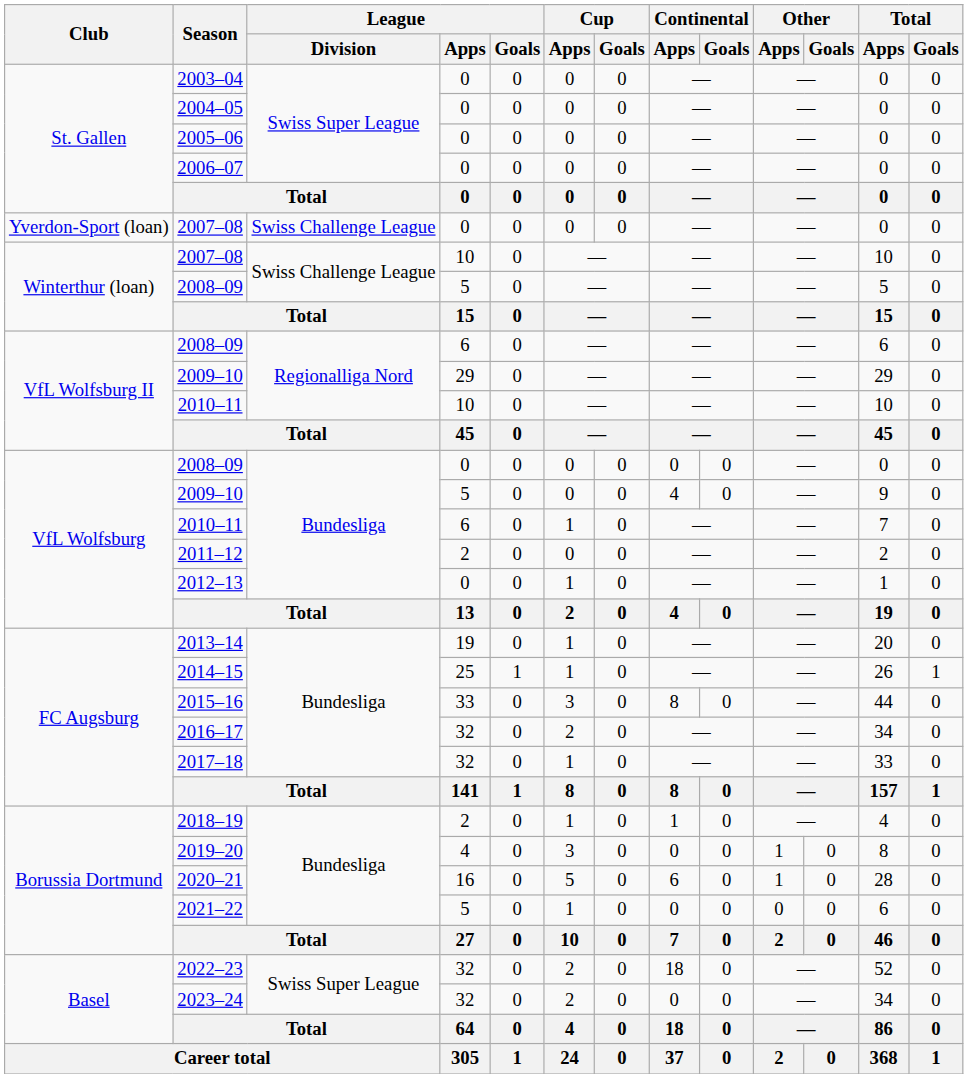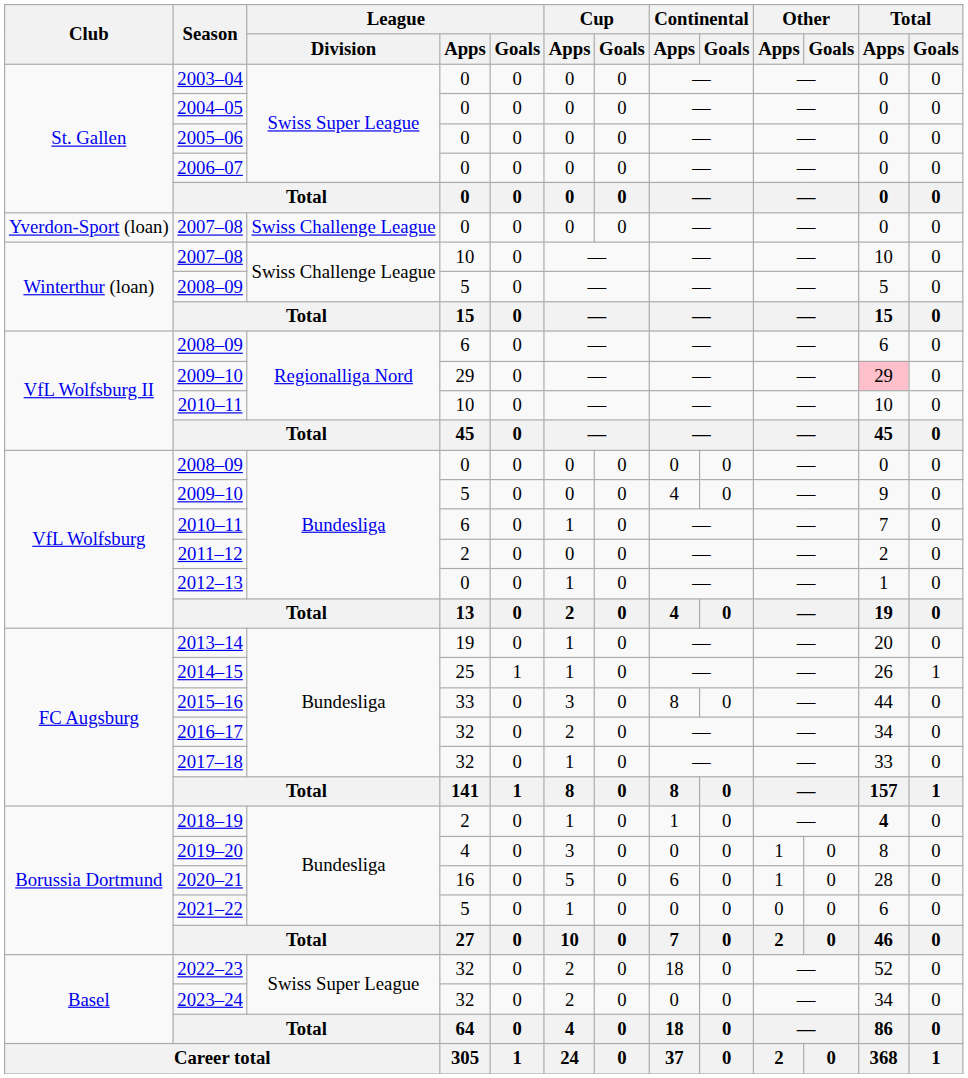 <table class="wikitable" style="text-align:center">
 <tr>
 <th rowspan="2">Club</th>
 <th rowspan="2">Season</th>
 <th colspan="3">League</th>
 <th colspan="2">Cup</th>
 <th colspan="2">Continental</th>
 <th colspan="2">Other</th>
 <th colspan="3">Total</th>
 </tr>
 <tr>
 <th>Division</th>
 <th>Apps</th>
 <th>Goals</th>
 <th>Apps</th>
 <th>Goals</th>
 <th>Apps</th>
 <th>Goals</th>
 <th>Apps</th>
 <th>Goals</th>
 <th>Apps</th>
 <th>Goals</th>
 </tr>
 <tr>
 <td rowspan="5"><a href='#'>St. Gallen</a></td>
 <td><a href='#'>2003–04</a></td>
 <td rowspan="4"><a href='#'>Swiss Super League</a></td>
 <td>0</td>
 <td>0</td>
 <td>0</td>
 <td>0</td>
 <td colspan="2">—</td>
 <td colspan="2">—</td>
 <td>0</td>
 <td>0</td>
 </tr>
 <tr>
 <td><a href='#'>2004–05</a></td>
 <td>0</td>
 <td>0</td>
 <td>0</td>
 <td>0</td>
 <td colspan="2">—</td>
 <td colspan="2">—</td>
 <td>0</td>
 <td>0</td>
 </tr>
 <tr>
 <td><a href='#'>2005–06</a></td>
 <td>0</td>
 <td>0</td>
 <td>0</td>
 <td>0</td>
 <td colspan="2">—</td>
 <td colspan="2">—</td>
 <td>0</td>
 <td>0</td>
 </tr>
 <tr>
 <td><a href='#'>2006–07</a></td>
 <td>0</td>
 <td>0</td>
 <td>0</td>
 <td>0</td>
 <td colspan="2">—</td>
 <td colspan="2">—</td>
 <td>0</td>
 <td>0</td>
 </tr>
 <tr>
 <th colspan="2">Total</th>
 <th>0</th>
 <th>0</th>
 <th>0</th>
 <th>0</th>
 <th colspan="2">—</th>
 <th colspan="2">—</th>
 <th>0</th>
 <th>0</th>
 </tr>
 <tr>
 <td><a href='#'>Yverdon-Sport</a> (loan)</td>
 <td><a href='#'>2007–08</a></td>
 <td><a href='#'>Swiss Challenge League</a></td>
 <td>0</td>
 <td>0</td>
 <td>0</td>
 <td>0</td>
 <td colspan="2">—</td>
 <td colspan="2">—</td>
 <td>0</td>
 <td>0</td>
 </tr>
 <tr>
 <td rowspan="3"><a href='#'>Winterthur</a> (loan)</td>
 <td><a href='#'>2007–08</a></td>
 <td rowspan="2">Swiss Challenge League</td>
 <td>10</td>
 <td>0</td>
 <td colspan="2">—</td>
 <td colspan="2">—</td>
 <td colspan="2">—</td>
 <td>10</td>
 <td>0</td>
 </tr>
 <tr>
 <td><a href='#'>2008–09</a></td>
 <td>5</td>
 <td>0</td>
 <td colspan="2">—</td>
 <td colspan="2">—</td>
 <td colspan="2">—</td>
 <td>5</td>
 <td>0</td>
 </tr>
 <tr>
 <th colspan="2">Total</th>
 <th>15</th>
 <th>0</th>
 <th colspan="2">—</th>
 <th colspan="2">—</th>
 <th colspan="2">—</th>
 <th>15</th>
 <th>0</th>
 </tr>
 <tr>
 <td rowspan="4"><a href='#'>VfL Wolfsburg II</a></td>
 <td><a href='#'>2008–09</a></td>
 <td rowspan="3"><a href='#'>Regionalliga Nord</a></td>
 <td>6</td>
 <td>0</td>
 <td colspan="2">—</td>
 <td colspan="2">—</td>
 <td colspan="2">—</td>
 <td>6</td>
 <td>0</td>
 </tr>
 <tr>
 <td><a href='#'>2009–10</a></td>
 <td>29</td>
 <td>0</td>
 <td colspan="2">—</td>
 <td colspan="2">—</td>
 <td colspan="2">—</td>
-<td>29</td>
+<td style="background: pink;">29</td>
 <td>0</td>
 </tr>
 <tr>
 <td><a href='#'>2010–11</a></td>
 <td>10</td>
 <td>0</td>
 <td colspan="2">—</td>
 <td colspan="2">—</td>
 <td colspan="2">—</td>
 <td>10</td>
 <td>0</td>
 </tr>
 <tr>
 <th colspan="2">Total</th>
 <th>45</th>
 <th>0</th>
 <th colspan="2">—</th>
 <th colspan="2">—</th>
 <th colspan="2">—</th>
 <th>45</th>
 <th>0</th>
 </tr>
 <tr>
 <td rowspan="6"><a href='#'>VfL Wolfsburg</a></td>
 <td><a href='#'>2008–09</a></td>
 <td rowspan="5"><a href='#'>Bundesliga</a></td>
 <td>0</td>
 <td>0</td>
 <td>0</td>
 <td>0</td>
 <td>0</td>
 <td>0</td>
 <td colspan="2">—</td>
 <td>0</td>
 <td>0</td>
 </tr>
 <tr>
 <td><a href='#'>2009–10</a></td>
 <td>5</td>
 <td>0</td>
 <td>0</td>
 <td>0</td>
 <td>4</td>
 <td>0</td>
 <td colspan="2">—</td>
 <td>9</td>
 <td>0</td>
 </tr>
 <tr>
 <td><a href='#'>2010–11</a></td>
 <td>6</td>
 <td>0</td>
 <td>1</td>
 <td>0</td>
 <td colspan="2">—</td>
 <td colspan="2">—</td>
 <td>7</td>
 <td>0</td>
 </tr>
 <tr>
 <td><a href='#'>2011–12</a></td>
 <td>2</td>
 <td>0</td>
 <td>0</td>
 <td>0</td>
 <td colspan="2">—</td>
 <td colspan="2">—</td>
 <td>2</td>
 <td>0</td>
 </tr>
 <tr>
 <td><a href='#'>2012–13</a></td>
 <td>0</td>
 <td>0</td>
 <td>1</td>
 <td>0</td>
 <td colspan="2">—</td>
 <td colspan="2">—</td>
 <td>1</td>
 <td>0</td>
 </tr>
 <tr>
 <th colspan="2">Total</th>
 <th>13</th>
 <th>0</th>
 <th>2</th>
 <th>0</th>
 <th>4</th>
 <th>0</th>
 <th colspan="2">—</th>
 <th>19</th>
 <th>0</th>
 </tr>
 <tr>
 <td rowspan="6"><a href='#'>FC Augsburg</a></td>
 <td><a href='#'>2013–14</a></td>
 <td rowspan="5">Bundesliga</td>
 <td>19</td>
 <td>0</td>
 <td>1</td>
 <td>0</td>
 <td colspan="2">—</td>
 <td colspan="2">—</td>
 <td>20</td>
 <td>0</td>
 </tr>
 <tr>
 <td><a href='#'>2014–15</a></td>
 <td>25</td>
 <td>1</td>
 <td>1</td>
 <td>0</td>
 <td colspan="2">—</td>
 <td colspan="2">—</td>
 <td>26</td>
 <td>1</td>
 </tr>
 <tr>
 <td><a href='#'>2015–16</a></td>
 <td>33</td>
 <td>0</td>
 <td>3</td>
 <td>0</td>
 <td>8</td>
 <td>0</td>
 <td colspan="2">—</td>
 <td>44</td>
 <td>0</td>
 </tr>
 <tr>
 <td><a href='#'>2016–17</a></td>
 <td>32</td>
 <td>0</td>
 <td>2</td>
 <td>0</td>
 <td colspan="2">—</td>
 <td colspan="2">—</td>
 <td>34</td>
 <td>0</td>
 </tr>
 <tr>
 <td><a href='#'>2017–18</a></td>
 <td>32</td>
 <td>0</td>
 <td>1</td>
 <td>0</td>
 <td colspan="2">—</td>
 <td colspan="2">—</td>
 <td>33</td>
 <td>0</td>
 </tr>
 <tr>
 <th colspan="2">Total</th>
 <th>141</th>
 <th>1</th>
 <th>8</th>
 <th>0</th>
 <th>8</th>
 <th>0</th>
 <th colspan="2">—</th>
 <th>157</th>
 <th>1</th>
 </tr>
 <tr>
 <td rowspan="5"><a href='#'>Borussia Dortmund</a></td>
 <td><a href='#'>2018–19</a></td>
 <td rowspan="4">Bundesliga</td>
 <td>2</td>
 <td>0</td>
 <td>1</td>
 <td>0</td>
 <td>1</td>
 <td>0</td>
 <td colspan="2">—</td>
-<td>4</td>
+<td><strong>4</strong></td>
 <td>0</td>
 </tr>
 <tr>
 <td><a href='#'>2019–20</a></td>
 <td>4</td>
 <td>0</td>
 <td>3</td>
 <td>0</td>
 <td>0</td>
 <td>0</td>
 <td>1</td>
 <td>0</td>
 <td>8</td>
 <td>0</td>
 </tr>
 <tr>
 <td><a href='#'>2020–21</a></td>
 <td>16</td>
 <td>0</td>
 <td>5</td>
 <td>0</td>
 <td>6</td>
 <td>0</td>
 <td>1</td>
 <td>0</td>
 <td>28</td>
 <td>0</td>
 </tr>
 <tr>
 <td><a href='#'>2021–22</a></td>
 <td>5</td>
 <td>0</td>
 <td>1</td>
 <td>0</td>
 <td>0</td>
 <td>0</td>
 <td>0</td>
 <td>0</td>
 <td>6</td>
 <td>0</td>
 </tr>
 <tr>
 <th colspan="2">Total</th>
 <th>27</th>
 <th>0</th>
 <th>10</th>
 <th>0</th>
 <th>7</th>
 <th>0</th>
 <th>2</th>
 <th>0</th>
 <th>46</th>
 <th>0</th>
 </tr>
 <tr>
 <td rowspan="3"><a href='#'>Basel</a></td>
 <td><a href='#'>2022–23</a></td>
 <td rowspan="2">Swiss Super League</td>
 <td>32</td>
 <td>0</td>
 <td>2</td>
 <td>0</td>
 <td>18</td>
 <td>0</td>
 <td colspan="2">—</td>
 <td>52</td>
 <td>0</td>
 </tr>
 <tr>
 <td><a href='#'>2023–24</a></td>
 <td>32</td>
 <td>0</td>
 <td>2</td>
 <td>0</td>
 <td>0</td>
 <td>0</td>
 <td colspan="2">—</td>
 <td>34</td>
 <td>0</td>
 </tr>
 <tr>
 <th colspan="2">Total</th>
 <th>64</th>
 <th>0</th>
 <th>4</th>
 <th>0</th>
 <th>18</th>
 <th>0</th>
 <th colspan="2">—</th>
 <th>86</th>
 <th>0</th>
 </tr>
 <tr>
 <th colspan="3">Career total</th>
 <th>305</th>
 <th>1</th>
 <th>24</th>
 <th>0</th>
 <th>37</th>
 <th>0</th>
 <th>2</th>
 <th>0</th>
 <th>368</th>
 <th>1</th>
 </tr>
 </table>
